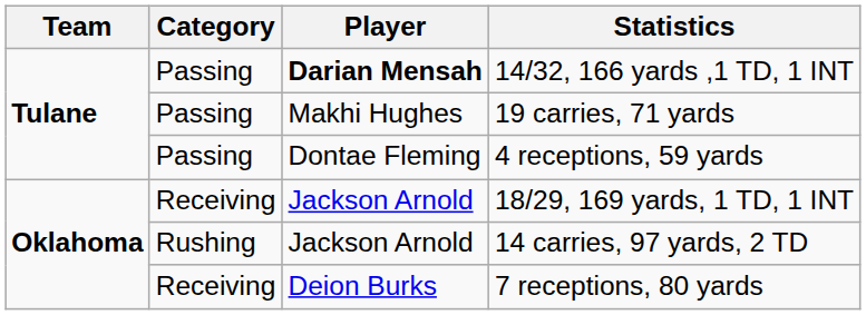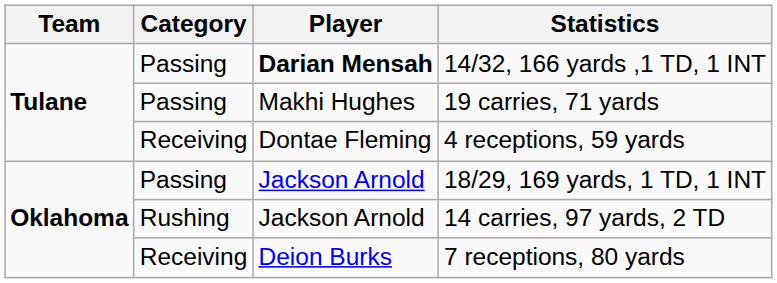 <table class="wikitable" style="float: right;">
 <tr>
 <th>Team</th>
 <th>Category</th>
 <th>Player</th>
 <th>Statistics</th>
 </tr>
 <tr>
 <td rowspan=3><strong>Tulane</strong></td>
 <td>Passing</td>
 <td><strong>Darian Mensah</strong></td>
 <td>14/32, 166 yards ,1 TD, 1 INT</td>
 </tr>
 <tr>
 <td>Passing</td>
 <td>Makhi Hughes</td>
 <td>19 carries, 71 yards</td>
 </tr>
 <tr>
-<td>Passing</td>
+<td>Receiving</td>
 <td>Dontae Fleming</td>
 <td>4 receptions, 59 yards</td>
 </tr>
 <tr>
 <td rowspan=3><strong>Oklahoma</strong></td>
-<td>Receiving</td>
+<td>Passing</td>
 <td><a href='#'>Jackson Arnold</a></td>
 <td>18/29, 169 yards, 1 TD, 1 INT</td>
 </tr>
 <tr>
 <td>Rushing</td>
 <td>Jackson Arnold</td>
 <td>14 carries, 97 yards, 2 TD</td>
 </tr>
 <tr>
 <td>Receiving</td>
 <td><a href='#'>Deion Burks</a></td>
 <td>7 receptions, 80 yards</td>
 </tr>
 </table>
